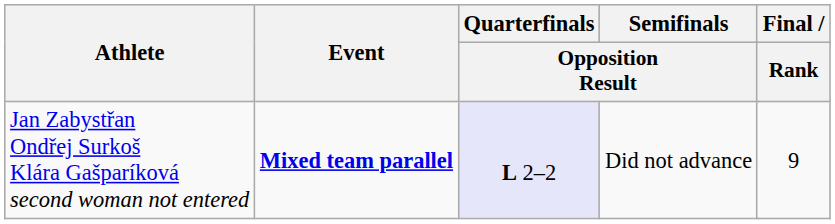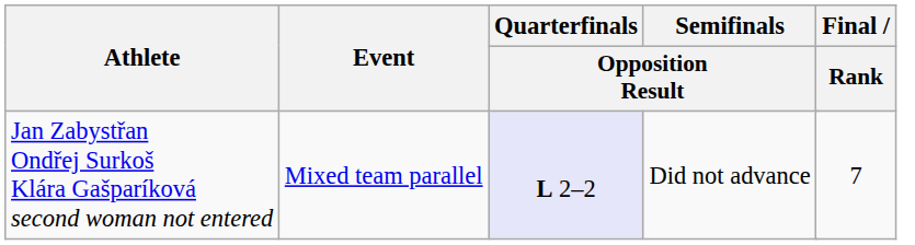 <table class="wikitable" style="font-size:90%;text-align:center">
 <tr>
 <th rowspan="2">Athlete</th>
 <th rowspan="2">Event</th>
 <th>Quarterfinals</th>
 <th>Semifinals</th>
 <th colspan="2">Final / </th>
 </tr>
 <tr style="font-size:95%">
 <th colspan="3">Opposition<br>Result</th>
 <th>Rank</th>
 </tr>
 <tr>
 <td align="left"><a href='#'>Jan Zabystřan</a><br><a href='#'>Ondřej Surkoš</a><br><a href='#'>Klára Gašparíková</a><br><em>second woman not entered</em></td>
-<td align="left"><strong><a href='#'>Mixed team parallel</a></strong></td>
+<td align="left"><a href='#'>Mixed team parallel</a></td>
 <td style="background: lavender;"><br><strong>L</strong> 2–2</td>
 <td colspan="2">Did not advance</td>
-<td>9</td>
+<td>7</td>
 </tr>
 </table>
